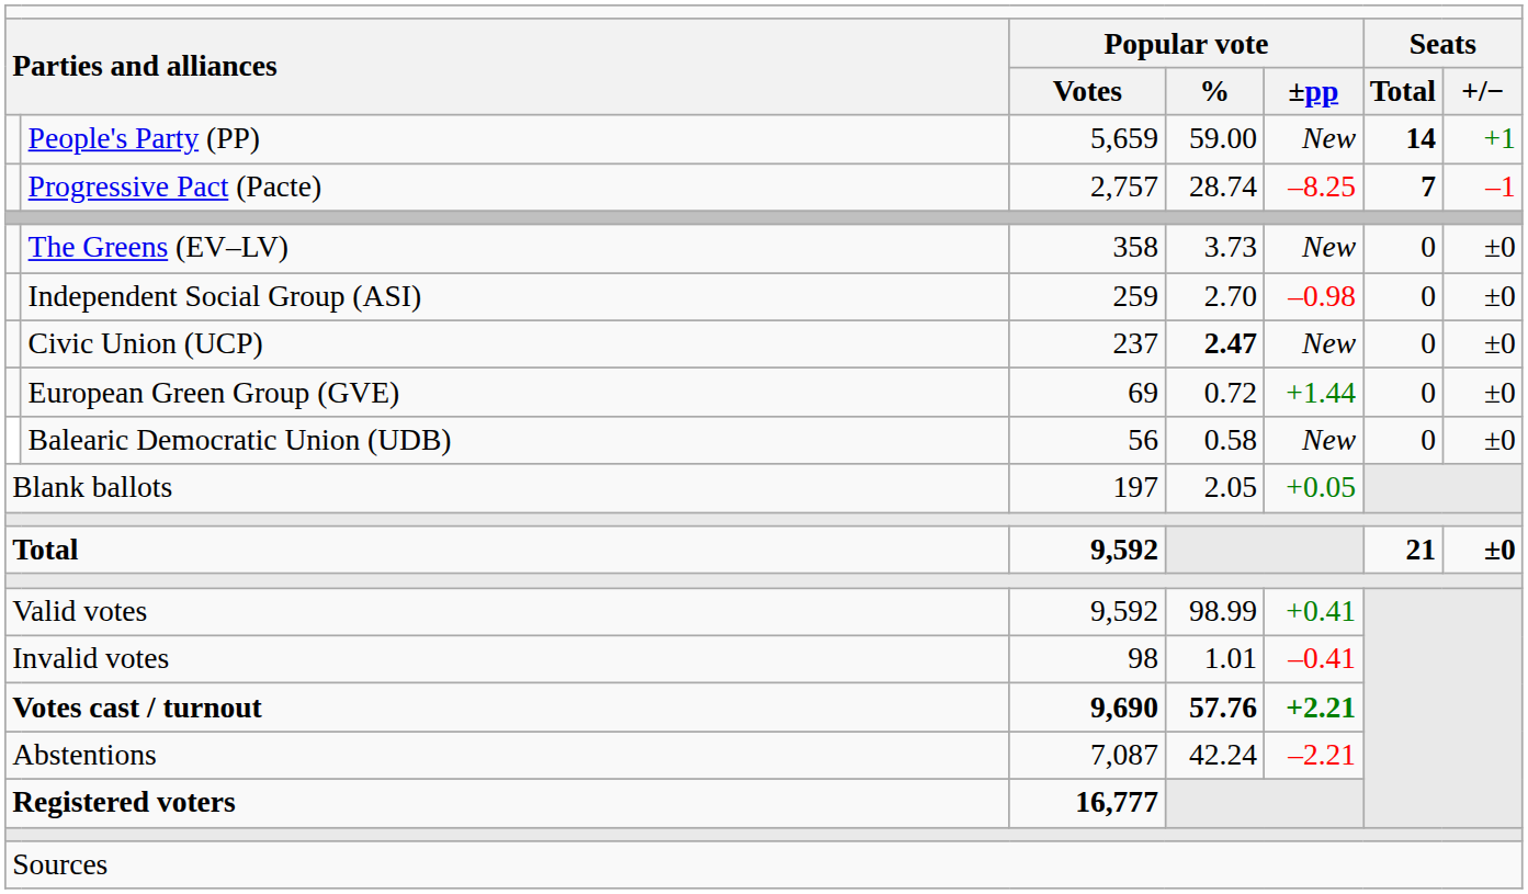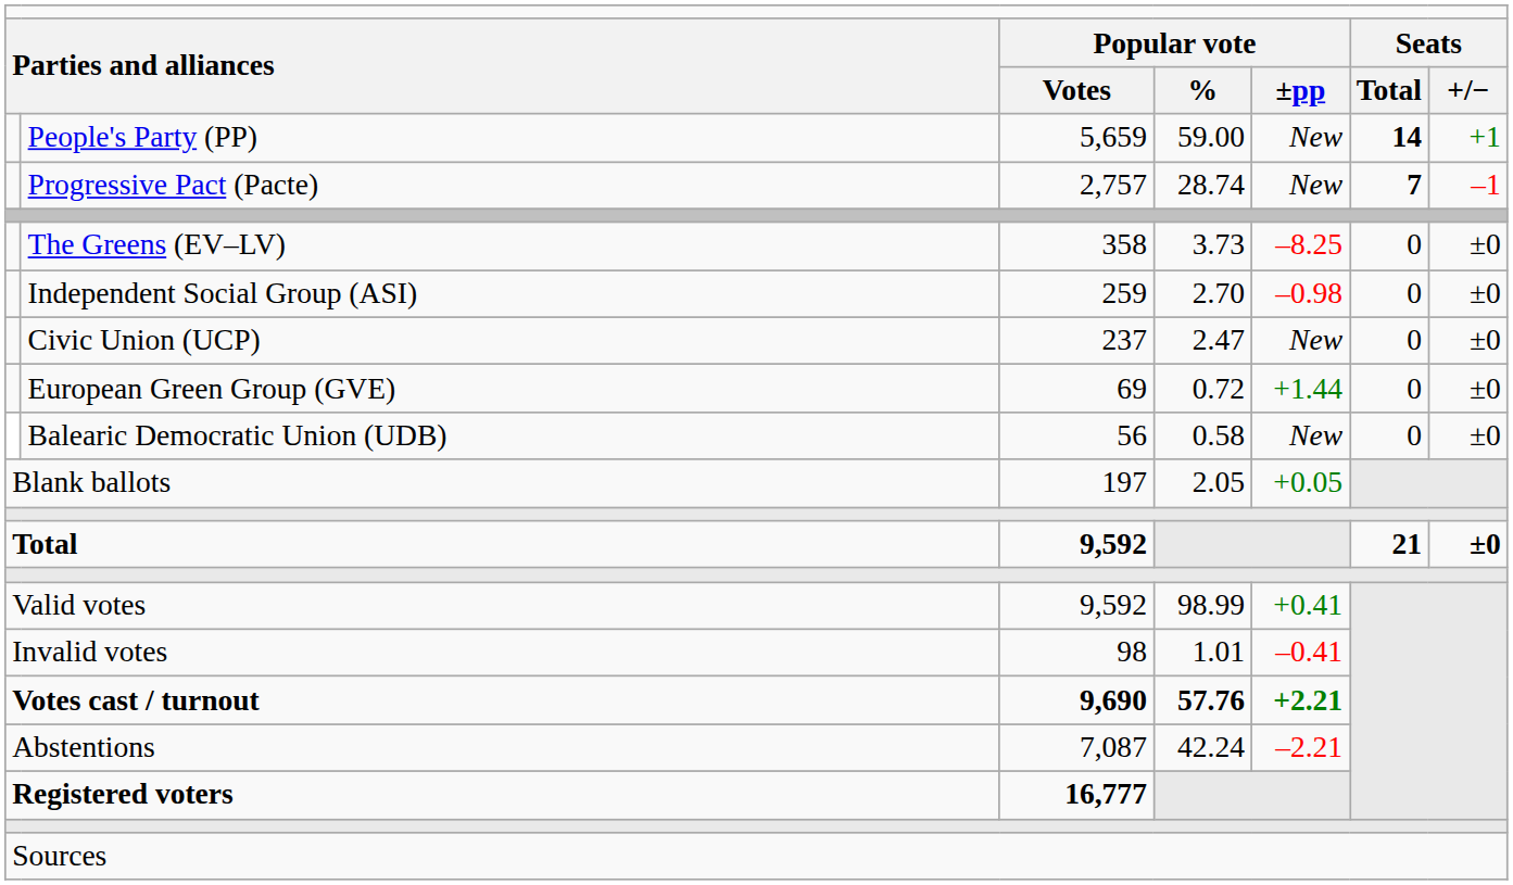 <table class="wikitable" style="text-align:right;">
 <tr>
 <td colspan="7"></td>
 </tr>
 <tr>
 <th style="text-align:left;" rowspan="2" colspan="2" width="525">Parties and alliances</th>
 <th colspan="3">Popular vote</th>
 <th colspan="2">Seats</th>
 </tr>
 <tr>
 <th width="75">Votes</th>
 <th width="45">%</th>
 <th width="45">±<a href='#'>pp</a></th>
 <th width="35">Total</th>
 <th width="35">+/−</th>
 </tr>
 <tr>
 <td width="1" style="color:inherit;background:"></td>
 <td align="left"><a href='#'>People's Party</a> (PP)</td>
 <td>5,659</td>
 <td>59.00</td>
 <td><em>New</em></td>
 <td><strong>14</strong></td>
 <td style="color:green;">+1</td>
 </tr>
 <tr>
 <td style="color:inherit;background:"></td>
 <td align="left"><a href='#'>Progressive Pact</a> (Pacte)</td>
 <td>2,757</td>
 <td>28.74</td>
-<td style="color:red;">–8.25</td>
+<td><em>New</em></td>
 <td><strong>7</strong></td>
 <td style="color:red;">–1</td>
 </tr>
 <tr>
 <td colspan="7" bgcolor="#C0C0C0"></td>
 </tr>
 <tr>
 <td style="color:inherit;background:"></td>
 <td align="left"><a href='#'>The Greens</a> (EV–LV)</td>
 <td>358</td>
 <td>3.73</td>
-<td><em>New</em></td>
+<td style="color:red;">–8.25</td>
 <td>0</td>
 <td>±0</td>
 </tr>
 <tr>
 <td style="color:inherit;background:"></td>
 <td align="left">Independent Social Group (ASI)</td>
 <td>259</td>
 <td>2.70</td>
 <td style="color:red;">–0.98</td>
 <td>0</td>
 <td>±0</td>
 </tr>
 <tr>
 <td style="color:inherit;background:"></td>
 <td align="left">Civic Union (UCP)</td>
 <td>237</td>
-<td><strong>2.47</strong></td>
+<td>2.47</td>
 <td><em>New</em></td>
 <td>0</td>
 <td>±0</td>
 </tr>
 <tr>
 <td style="color:inherit;background:"></td>
 <td align="left">European Green Group (GVE)</td>
 <td>69</td>
 <td>0.72</td>
 <td style="color:green;">+1.44</td>
 <td>0</td>
 <td>±0</td>
 </tr>
 <tr>
 <td bgcolor="white"></td>
 <td align="left">Balearic Democratic Union (UDB)</td>
 <td>56</td>
 <td>0.58</td>
 <td><em>New</em></td>
 <td>0</td>
 <td>±0</td>
 </tr>
 <tr>
 <td align="left" colspan="2">Blank ballots</td>
 <td>197</td>
 <td>2.05</td>
 <td style="color:green;">+0.05</td>
 <td bgcolor="#E9E9E9" colspan="2"></td>
 </tr>
 <tr>
 <td colspan="7" bgcolor="#E9E9E9"></td>
 </tr>
 <tr style="font-weight:bold;">
 <td align="left" colspan="2">Total</td>
 <td>9,592</td>
 <td bgcolor="#E9E9E9" colspan="2"></td>
 <td>21</td>
 <td>±0</td>
 </tr>
 <tr>
 <td colspan="7" bgcolor="#E9E9E9"></td>
 </tr>
 <tr>
 <td align="left" colspan="2">Valid votes</td>
 <td>9,592</td>
 <td>98.99</td>
 <td style="color:green;">+0.41</td>
 <td bgcolor="#E9E9E9" colspan="2" rowspan="5"></td>
 </tr>
 <tr>
 <td align="left" colspan="2">Invalid votes</td>
 <td>98</td>
 <td>1.01</td>
 <td style="color:red;">–0.41</td>
 </tr>
 <tr style="font-weight:bold;">
 <td align="left" colspan="2">Votes cast / turnout</td>
 <td>9,690</td>
 <td>57.76</td>
 <td style="color:green;">+2.21</td>
 </tr>
 <tr>
 <td align="left" colspan="2">Abstentions</td>
 <td>7,087</td>
 <td>42.24</td>
 <td style="color:red;">–2.21</td>
 </tr>
 <tr style="font-weight:bold;">
 <td align="left" colspan="2">Registered voters</td>
 <td>16,777</td>
 <td bgcolor="#E9E9E9" colspan="2"></td>
 </tr>
 <tr>
 <td colspan="7" bgcolor="#E9E9E9"></td>
 </tr>
 <tr>
 <td align="left" colspan="7">Sources</td>
 </tr>
 </table>
